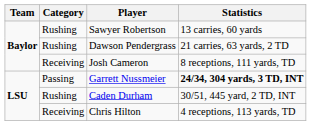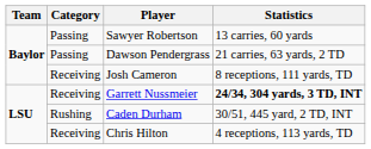 <table class="wikitable" style="float: right;">
 <tr>
 <th>Team</th>
 <th>Category</th>
 <th>Player</th>
 <th>Statistics</th>
 </tr>
 <tr>
 <td rowspan=3><strong>Baylor</strong></td>
-<td>Rushing</td>
+<td>Passing</td>
 <td>Sawyer Robertson</td>
 <td>13 carries, 60 yards</td>
 </tr>
 <tr>
-<td>Rushing</td>
+<td>Passing</td>
 <td>Dawson Pendergrass</td>
 <td>21 carries, 63 yards, 2 TD</td>
 </tr>
 <tr>
 <td>Receiving</td>
 <td>Josh Cameron</td>
 <td>8 receptions, 111 yards, TD</td>
 </tr>
 <tr>
 <td rowspan=3><strong>LSU</strong></td>
-<td>Passing</td>
+<td>Receiving</td>
 <td><a href='#'>Garrett Nussmeier</a></td>
 <td><strong>24/34, 304 yards, 3 TD, INT</strong></td>
 </tr>
 <tr>
 <td>Rushing</td>
 <td><a href='#'>Caden Durham</a></td>
 <td>30/51, 445 yard, 2 TD, INT</td>
 </tr>
 <tr>
 <td>Receiving</td>
 <td>Chris Hilton</td>
 <td>4 receptions, 113 yards, TD</td>
 </tr>
 </table>
